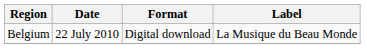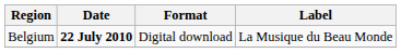 <table class=wikitable>
 <tr>
 <th>Region</th>
 <th>Date</th>
 <th>Format</th>
 <th>Label</th>
 </tr>
 <tr>
 <td>Belgium</td>
-<td>22 July 2010</td>
+<td><strong>22 July 2010</strong></td>
 <td>Digital download</td>
 <td>La Musique du Beau Monde</td>
 </tr>
 <tr>
 </tr>
 </table>
